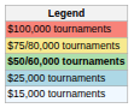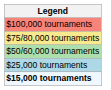 <table class=wikitable style=font-size:85%;>
 <tr>
 <th>Legend</th>
 </tr>
 <tr style=background:#f88379;>
 <td>$100,000 tournaments</td>
 </tr>
 <tr style=background:#f7e98e;>
 <td>$75/80,000 tournaments</td>
 </tr>
 <tr style=background:#addfad;>
-<td><strong>$50/60,000 tournaments</strong></td>
+<td>$50/60,000 tournaments</td>
 </tr>
 <tr style=background:lightblue;>
 <td>$25,000 tournaments</td>
 </tr>
 <tr style=background:#f0f8ff>
-<td>$15,000 tournaments</td>
+<td><strong>$15,000 tournaments</strong></td>
 </tr>
 </table>
